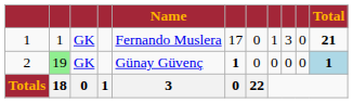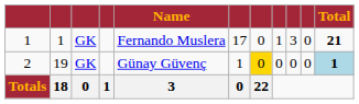 <table class="wikitable" style="text-align:center">
 <tr>
 <th style="background:#A32638; color:#FFB300; "></th>
 <th style="background:#A32638; color:#FFB300; "></th>
 <th style="background:#A32638; color:#FFB300; "></th>
 <th style="background:#A32638; color:#FFB300; "></th>
 <th style="background:#A32638; color:#FFB300; ">Name</th>
 <th style="background:#A32638; color:#FFB300; "></th>
 <th style="background:#A32638; color:#FFB300; "></th>
 <th style="background:#A32638; color:#FFB300; "></th>
 <th style="background:#A32638; color:#FFB300; "></th>
 <th style="background:#A32638; color:#FFB300; "></th>
 <th style="background:#A32638; color:#FFB300; ">Total</th>
 </tr>
 <tr>
 <td>1</td>
 <td>1</td>
 <td><a href='#'>GK</a></td>
 <td></td>
 <td align=left><a href='#'>Fernando Muslera</a></td>
 <td>17</td>
 <td>0</td>
 <td>1</td>
 <td>3</td>
 <td>0</td>
 <td><strong>21</strong></td>
 </tr>
 <tr>
 <td>2</td>
-<td style="background: lightgreen;">19</td>
+<td>19</td>
 <td><a href='#'>GK</a></td>
 <td></td>
 <td align=left><a href='#'>Günay Güvenç</a></td>
-<td><strong>1</strong></td>
-<td>0</td>
+<td>1</td>
+<td style="background: gold;">0</td>
 <td>0</td>
 <td>0</td>
 <td>0</td>
 <td style="background: lightblue;"><strong>1</strong></td>
 </tr>
 <tr>
 <td style="background:#A32638; color:#FFB300; "><strong>Totals</strong></td>
 <th><strong>18</strong></th>
 <th><strong>0</strong></th>
 <th><strong>1</strong></th>
 <th><strong>3</strong></th>
 <th><strong>0</strong></th>
 <th><strong>22</strong></th>
 </tr>
 </table>
